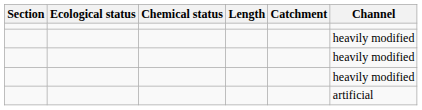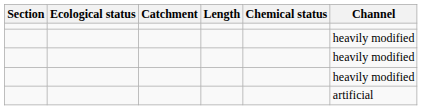 <table class="wikitable">
 <tr>
 <th>Section</th>
 <th>Ecological status</th>
+<th>Catchment</th>
+<th>Length</th>
 <th>Chemical status</th>
-<th>Length</th>
-<th>Catchment</th>
 <th>Channel</th>
 </tr>
 <tr>
 <td></td>
 <td></td>
 <td></td>
 <td></td>
 <td></td>
 <td></td>
 </tr>
 <tr>
 <td></td>
 <td></td>
 <td></td>
 <td></td>
 <td></td>
 <td>heavily modified</td>
 </tr>
 <tr>
 <td></td>
 <td></td>
 <td></td>
 <td></td>
 <td></td>
 <td>heavily modified</td>
 </tr>
 <tr>
 <td></td>
 <td></td>
 <td></td>
 <td></td>
 <td></td>
 <td>heavily modified</td>
 </tr>
 <tr>
 <td></td>
 <td></td>
 <td></td>
 <td></td>
 <td></td>
 <td>artificial</td>
 </tr>
 </table>
